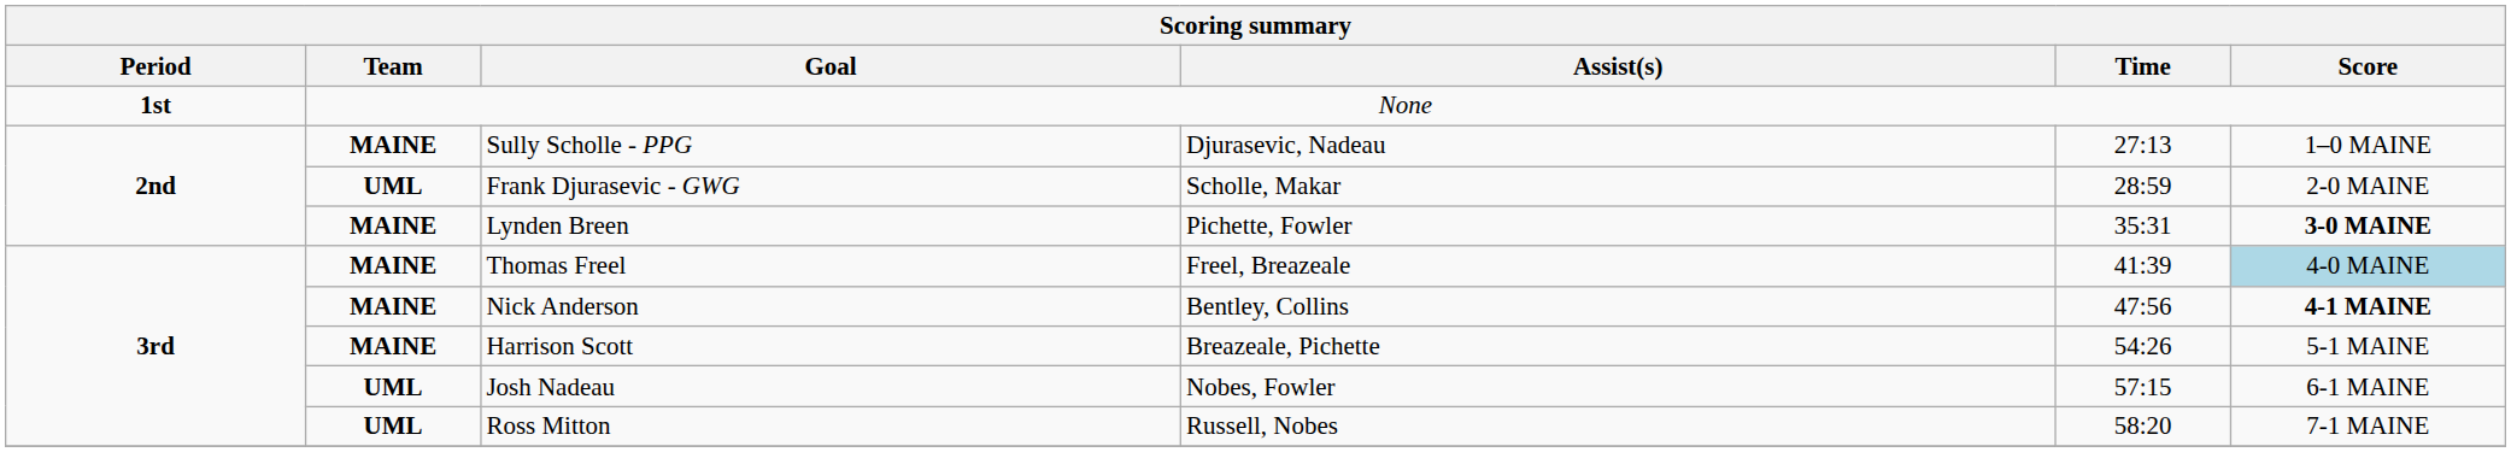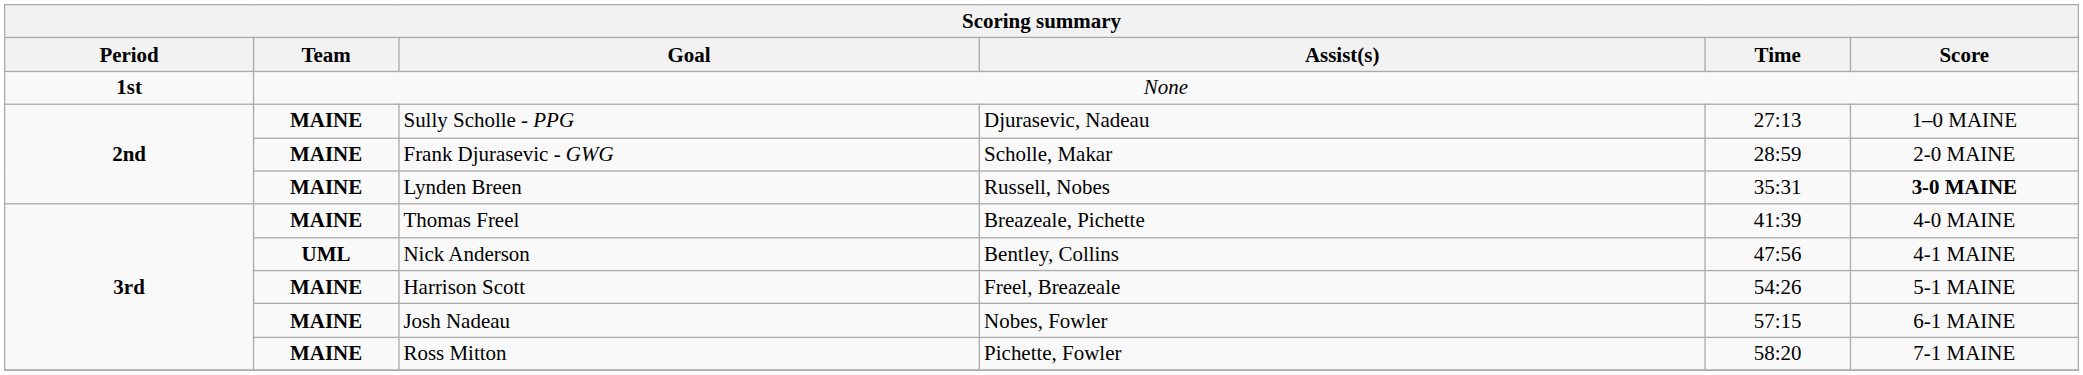 <table style="width:100%;" class="wikitable">
 <tr>
 <th colspan=6>Scoring summary</th>
 </tr>
 <tr>
 <th style="width:12%;">Period</th>
 <th style="width:7%;">Team</th>
 <th style="width:28%;">Goal</th>
 <th style="width:35%;">Assist(s)</th>
 <th style="width:7%;">Time</th>
 <th style="width:11%;">Score</th>
 </tr>
 <tr>
 <td style="text-align:center;" rowspan="1"><strong>1st</strong></td>
 <td style="text-align:center;" colspan="5"><em>None</em></td>
 </tr>
 <tr>
 <td style="text-align:center;" rowspan="3"><strong>2nd</strong></td>
 <td align=center><strong>MAINE</strong></td>
 <td>Sully Scholle - <em>PPG</em></td>
 <td>Djurasevic, Nadeau</td>
 <td align=center>27:13</td>
 <td align=center>1–0 MAINE</td>
 </tr>
 <tr>
-<td align=center><strong>UML</strong></td>
+<td align=center><strong>MAINE</strong></td>
 <td>Frank Djurasevic - <em>GWG</em></td>
 <td>Scholle, Makar</td>
 <td align=center>28:59</td>
 <td align=center>2-0 MAINE</td>
 </tr>
 <tr>
 <td align=center><strong>MAINE</strong></td>
 <td>Lynden Breen</td>
-<td>Pichette, Fowler</td>
+<td>Russell, Nobes</td>
 <td align=center>35:31</td>
 <td align=center><strong>3-0 MAINE</strong></td>
 </tr>
 <tr>
 <td style="text-align:center;" rowspan="5"><strong>3rd</strong></td>
 <td align=center><strong>MAINE</strong></td>
 <td>Thomas Freel</td>
-<td>Freel, Breazeale</td>
+<td>Breazeale, Pichette</td>
 <td align=center>41:39</td>
-<td align=center style="background: lightblue;">4-0 MAINE</td>
+<td align=center>4-0 MAINE</td>
 </tr>
 <tr>
-<td align=center><strong>MAINE</strong></td>
+<td align=center><strong>UML</strong></td>
 <td>Nick Anderson</td>
 <td>Bentley, Collins</td>
 <td align=center>47:56</td>
-<td align=center><strong>4-1 MAINE</strong></td>
+<td align=center>4-1 MAINE</td>
 </tr>
 <tr>
 <td align=center><strong>MAINE</strong></td>
 <td>Harrison Scott</td>
-<td>Breazeale, Pichette</td>
+<td>Freel, Breazeale</td>
 <td align=center>54:26</td>
 <td align=center>5-1 MAINE</td>
 </tr>
 <tr>
-<td align=center><strong>UML</strong></td>
+<td align=center><strong>MAINE</strong></td>
 <td>Josh Nadeau</td>
 <td>Nobes, Fowler</td>
 <td align=center>57:15</td>
 <td align=center>6-1 MAINE</td>
 </tr>
 <tr>
-<td align=center><strong>UML</strong></td>
+<td align=center><strong>MAINE</strong></td>
 <td>Ross Mitton</td>
-<td>Russell, Nobes</td>
+<td>Pichette, Fowler</td>
 <td align=center>58:20</td>
 <td align=center>7-1 MAINE</td>
 </tr>
 <tr>
 </tr>
 </table>
